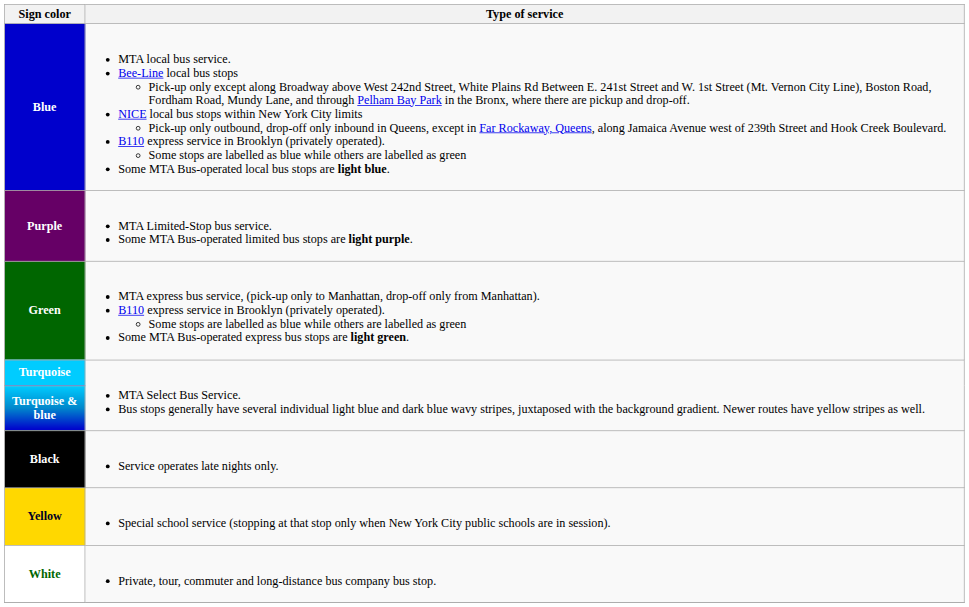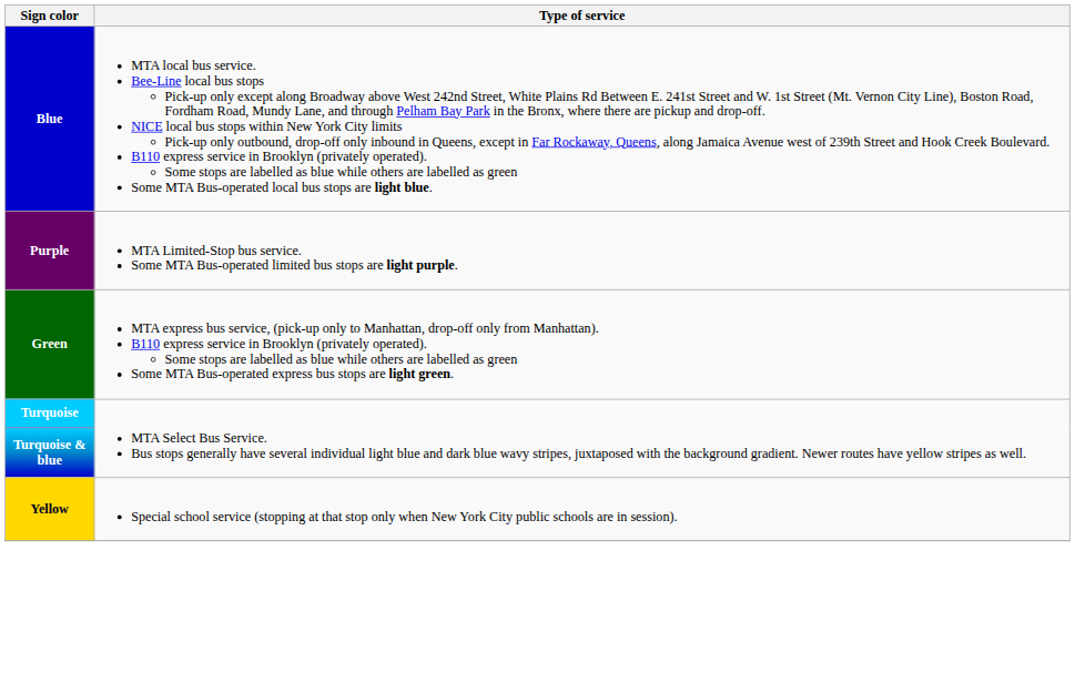 <table class=wikitable style="font-size: 100%;margin: 1em auto" |>
 <tr>
 <th>Sign color</th>
 <th>Type of service</th>
 </tr>
 <tr>
 <td style="background:#0000CC; color:white" align="center"><strong>Blue</strong></td>
 <td><br><ul><li>MTA local bus service.</li><li><a href='#'>Bee-Line</a> local bus stops<ul><li>Pick-up only except along Broadway above West 242nd Street, White Plains Rd Between E. 241st Street and W. 1st Street (Mt. Vernon City Line), Boston Road, Fordham Road, Mundy Lane, and through <a href='#'>Pelham Bay Park</a> in the Bronx, where there are pickup and drop-off.</li></ul></li><li><a href='#'>NICE</a> local bus stops within New York City limits<ul><li>Pick-up only outbound, drop-off only inbound in Queens, except in <a href='#'>Far Rockaway, Queens</a>, along Jamaica Avenue west of 239th Street and Hook Creek Boulevard.</li></ul></li><li><a href='#'>B110</a> express service in Brooklyn (privately operated).<ul><li>Some stops are labelled as blue while others are labelled as green</li></ul></li><li>Some MTA Bus-operated local bus stops are  <strong>light blue</strong>.</li></ul></td>
 </tr>
 <tr>
 <td style="background:#660066; color:white" align="center"><strong>Purple</strong></td>
 <td><br><ul><li>MTA Limited-Stop bus service.</li><li>Some MTA Bus-operated limited bus stops are  <strong>light purple</strong>.</li></ul></td>
 </tr>
 <tr>
 <td style="background:#006600; color:white" align="center"><strong>Green</strong></td>
 <td><br><ul><li>MTA express bus service, (pick-up only to Manhattan, drop-off only from Manhattan).</li><li><a href='#'>B110</a> express service in Brooklyn (privately operated).<ul><li>Some stops are labelled as blue while others are labelled as green</li></ul></li><li>Some MTA Bus-operated express bus stops are  <strong>light green</strong>.</li></ul></td>
 </tr>
 <tr>
 <td style="background:#00CCFF; color:white" align="center"><strong>Turquoise</strong></td>
 <td rowspan=2><br><ul><li>MTA Select Bus Service.</li><li>Bus stops generally have several individual light blue and dark blue wavy stripes, juxtaposed with the background gradient. Newer routes have yellow stripes as well.</li></ul></td>
 </tr>
 <tr>
 <td style="background-image: linear-gradient(to bottom, #00CCFF, #0088CC, #0000CC); color:white" align="center"><strong>Turquoise & blue</strong></td>
 </tr>
 <tr>
-<td style="background:black; color:white" align="center"><strong>Black</strong></td>
-<td><br><ul><li>Service operates late nights only.</li></ul></td>
-</tr>
-<tr>
 <td style="background:#FFD800; color:#000025" align="center"><strong>Yellow</strong></td>
 <td><br><ul><li>Special school service (stopping at that stop only when New York City public schools are in session).</li></ul></td>
 </tr>
 <tr>
-<td style="background:#ffffff; color:#006600" align="center"><strong>White</strong></td>
-<td><br><ul><li>Private, tour, commuter and long-distance bus company bus stop.</li></ul></td>
-</tr>
-<tr>
 </tr>
 </table>
